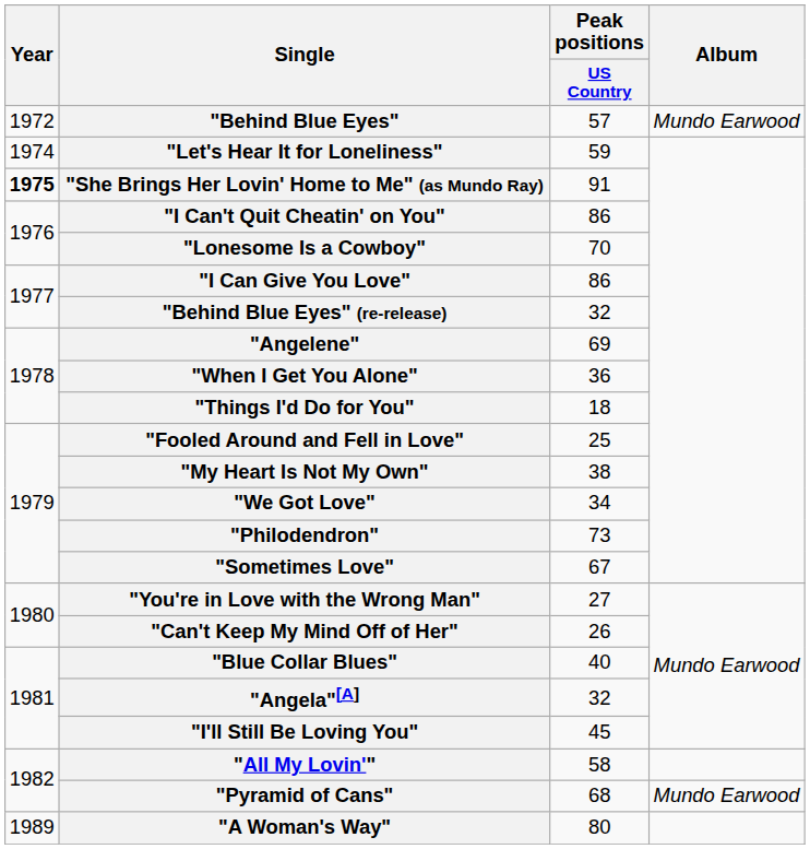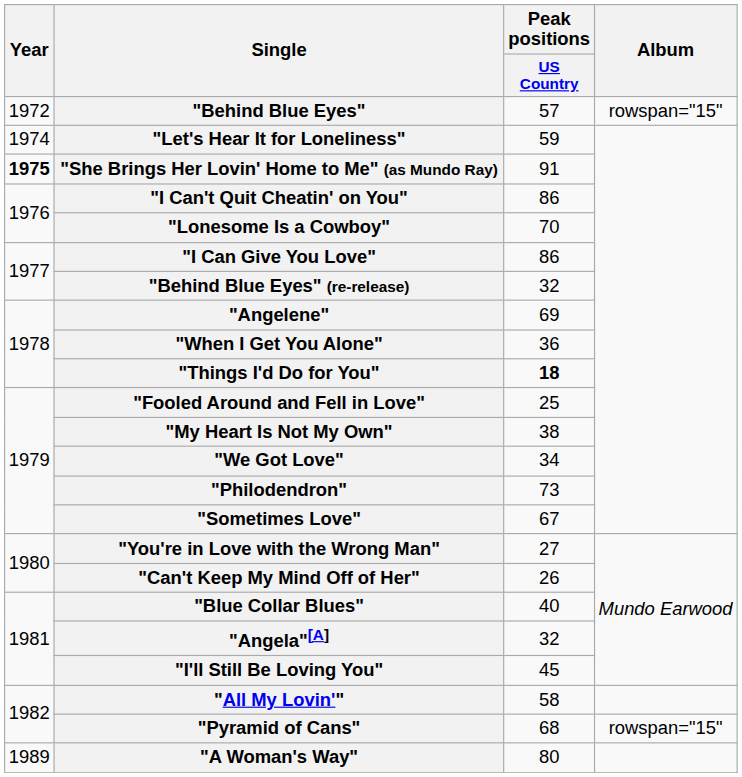 <table class="wikitable plainrowheaders" style="text-align:center;">
 <tr>
 <th rowspan="2">Year</th>
 <th rowspan="2" style="width:24em;">Single</th>
 <th>Peak positions</th>
 <th rowspan="2">Album</th>
 </tr>
 <tr style="font-size:smaller;">
 <th style="width:65px;"><a href='#'>US Country</a><br></th>
 </tr>
 <tr>
 <td>1972</td>
 <th scope="row">"Behind Blue Eyes"</th>
 <td>57</td>
-<td style="text-align:left;"><em>Mundo Earwood</em></td>
+<td>rowspan="15" </td>
 </tr>
 <tr>
 <td>1974</td>
 <th scope="row">"Let's Hear It for Loneliness"</th>
 <td>59</td>
 </tr>
 <tr>
 <td><strong>1975</strong></td>
 <th scope="row">"She Brings Her Lovin' Home to Me" <small>(as Mundo Ray)</small></th>
 <td>91</td>
 </tr>
 <tr>
 <td rowspan="2">1976</td>
 <th scope="row">"I Can't Quit Cheatin' on You"</th>
 <td>86</td>
 </tr>
 <tr>
 <th scope="row">"Lonesome Is a Cowboy"</th>
 <td>70</td>
 </tr>
 <tr>
 <td rowspan="2">1977</td>
 <th scope="row">"I Can Give You Love"</th>
 <td>86</td>
 </tr>
 <tr>
 <th scope="row">"Behind Blue Eyes" <small>(re-release)</small></th>
 <td>32</td>
 </tr>
 <tr>
 <td rowspan="3">1978</td>
 <th scope="row">"Angelene"</th>
 <td>69</td>
 </tr>
 <tr>
 <th scope="row">"When I Get You Alone"</th>
 <td>36</td>
 </tr>
 <tr>
 <th scope="row">"Things I'd Do for You"</th>
-<td>18</td>
+<td><strong>18</strong></td>
 </tr>
 <tr>
 <td rowspan="5">1979</td>
 <th scope="row">"Fooled Around and Fell in Love"</th>
 <td>25</td>
 </tr>
 <tr>
 <th scope="row">"My Heart Is Not My Own"</th>
 <td>38</td>
 </tr>
 <tr>
 <th scope="row">"We Got Love"</th>
 <td>34</td>
 </tr>
 <tr>
 <th scope="row">"Philodendron"</th>
 <td>73</td>
 </tr>
 <tr>
 <th scope="row">"Sometimes Love"</th>
 <td>67</td>
 </tr>
 <tr>
 <td rowspan="2">1980</td>
 <th scope="row">"You're in Love with the Wrong Man"</th>
 <td>27</td>
 <td style="text-align:left;" rowspan="5"><em>Mundo Earwood</em></td>
 </tr>
 <tr>
 <th scope="row">"Can't Keep My Mind Off of Her"</th>
 <td>26</td>
 </tr>
 <tr>
 <td rowspan="3">1981</td>
 <th scope="row">"Blue Collar Blues"</th>
 <td>40</td>
 </tr>
 <tr>
 <th scope="row">"Angela"<sup><span></span><a href='#'>[A</a>]</sup></th>
 <td>32</td>
 </tr>
 <tr>
 <th scope="row">"I'll Still Be Loving You"</th>
 <td>45</td>
 </tr>
 <tr>
 <td rowspan="2">1982</td>
 <th scope="row">"<a href='#'>All My Lovin'</a>"</th>
 <td>58</td>
 <td></td>
 </tr>
 <tr>
 <th scope="row">"Pyramid of Cans"</th>
 <td>68</td>
-<td style="text-align:left;"><em>Mundo Earwood</em></td>
+<td>rowspan="15" </td>
 </tr>
 <tr>
 <td>1989</td>
 <th scope="row">"A Woman's Way"</th>
 <td>80</td>
 <td></td>
 </tr>
 </table>
